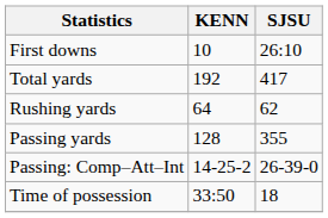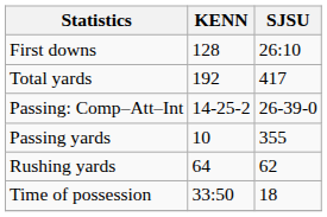 <table class="wikitable" style="float: left;">
 <tr>
 <th>Statistics</th>
 <th>KENN</th>
 <th>SJSU</th>
 </tr>
 <tr>
 <td>First downs</td>
-<td>10</td>
+<td>128</td>
 <td>26:10</td>
 </tr>
 <tr>
 <td>Total yards</td>
 <td>192</td>
 <td>417</td>
 </tr>
 <tr>
+<td>Passing: Comp–Att–Int</td>
+<td>14-25-2</td>
+<td>26-39-0</td>
+</tr>
+<tr>
+<td>Passing yards</td>
+<td>10</td>
+<td>355</td>
+</tr>
+<tr>
 <td>Rushing yards</td>
 <td>64</td>
 <td>62</td>
-</tr>
-<tr>
-<td>Passing yards</td>
-<td>128</td>
-<td>355</td>
-</tr>
-<tr>
-<td>Passing: Comp–Att–Int</td>
-<td>14-25-2</td>
-<td>26-39-0</td>
 </tr>
 <tr>
 <td>Time of possession</td>
 <td>33:50</td>
 <td>18</td>
 </tr>
 <tr>
 </tr>
 </table>
